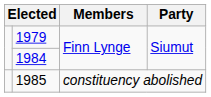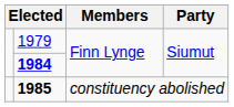 <table class="wikitable">
 <tr>
 <th scope="col" colspan="2">Elected</th>
 <th scope="col">Members</th>
 <th scope="col">Party</th>
 </tr>
 <tr>
 <td rowspan="2" style="background-color: "></td>
 <td><a href='#'>1979</a></td>
 <td rowspan = "2"><a href='#'>Finn Lynge</a></td>
 <td rowspan = "2"><a href='#'>Siumut</a></td>
 </tr>
 <tr>
-<td><a href='#'>1984</a></td>
+<td><strong><a href='#'>1984</a></strong></td>
 </tr>
 <tr>
 <td></td>
-<td>1985</td>
+<td><strong>1985</strong></td>
 <td colspan="2"><em>constituency abolished</em></td>
 </tr>
 </table>
